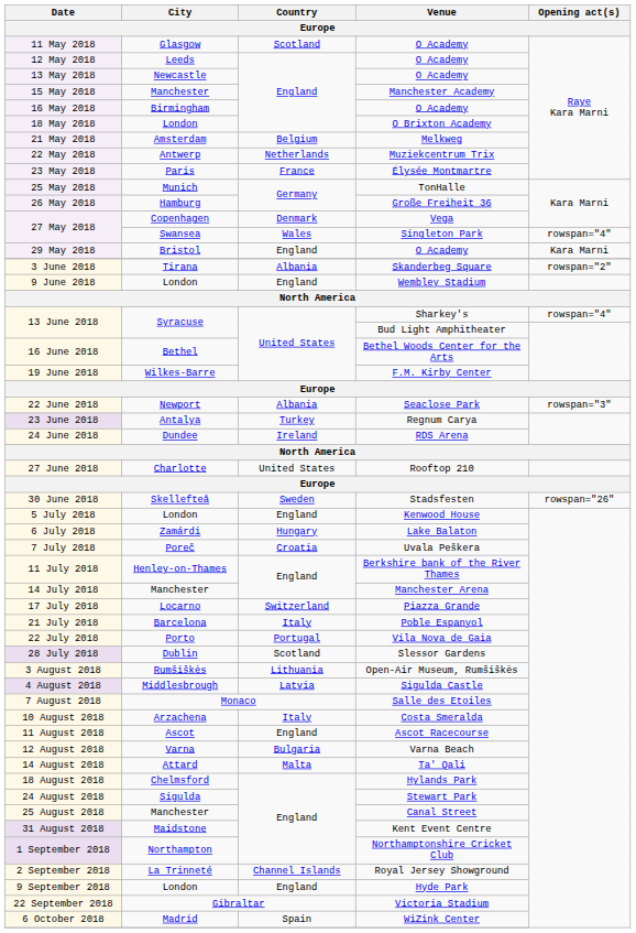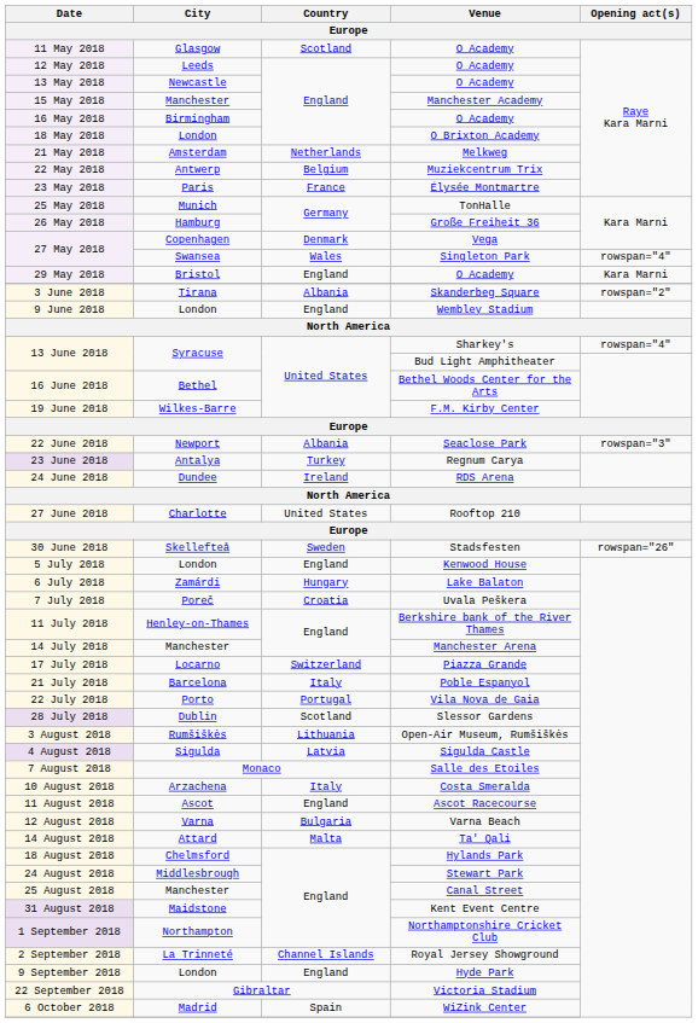 <table class="wikitable" style="text-align:center;">
 <tr>
 <th style="width:150px;">Date</th>
 <th style="width:150px;">City</th>
 <th style="width:150px;">Country</th>
 <th style="width:225px;">Venue</th>
 <th scope="col" style="width:10em;">Opening act(s)</th>
 </tr>
 <tr>
 <th scope="row" colspan="5">Europe</th>
 </tr>
 <tr>
 <td style="background-color:#f5eef8">11 May 2018</td>
 <td><a href='#'>Glasgow</a></td>
 <td><a href='#'>Scotland</a></td>
 <td><a href='#'>O Academy</a></td>
 <td rowspan="9"><a href='#'>Raye</a><br>Kara Marni</td>
 </tr>
 <tr>
 <td style="background-color:#f5eef8">12 May 2018</td>
 <td><a href='#'>Leeds</a></td>
 <td rowspan="5"><a href='#'>England</a></td>
 <td><a href='#'>O Academy</a></td>
 </tr>
 <tr>
 <td style="background-color:#f5eef8">13 May 2018</td>
 <td><a href='#'>Newcastle</a></td>
 <td><a href='#'>O Academy</a></td>
 </tr>
 <tr>
 <td style="background-color:#f5eef8">15 May 2018</td>
 <td><a href='#'>Manchester</a></td>
 <td><a href='#'>Manchester Academy</a></td>
 </tr>
 <tr>
 <td style="background-color:#f5eef8">16 May 2018</td>
 <td><a href='#'>Birmingham</a></td>
 <td><a href='#'>O Academy</a></td>
 </tr>
 <tr>
 <td style="background-color:#f5eef8">18 May 2018</td>
 <td><a href='#'>London</a></td>
 <td><a href='#'>O Brixton Academy</a></td>
 </tr>
 <tr>
 <td style="background-color:#f5eef8">21 May 2018</td>
 <td><a href='#'>Amsterdam</a></td>
-<td><a href='#'>Belgium</a></td>
+<td><a href='#'>Netherlands</a></td>
 <td><a href='#'>Melkweg</a></td>
 </tr>
 <tr>
 <td style="background-color:#f5eef8">22 May 2018</td>
 <td><a href='#'>Antwerp</a></td>
-<td><a href='#'>Netherlands</a></td>
+<td><a href='#'>Belgium</a></td>
 <td><a href='#'>Muziekcentrum Trix</a></td>
 </tr>
 <tr>
 <td style="background-color:#f5eef8">23 May 2018</td>
 <td><a href='#'>Paris</a></td>
 <td><a href='#'>France</a></td>
 <td><a href='#'>Élysée Montmartre</a></td>
 </tr>
 <tr>
 <td style="background-color:#f5eef8">25 May 2018</td>
 <td><a href='#'>Munich</a></td>
 <td rowspan="2"><a href='#'>Germany</a></td>
 <td>TonHalle</td>
 <td rowspan="3">Kara Marni</td>
 </tr>
 <tr>
 <td style="background-color:#f5eef8">26 May 2018</td>
 <td><a href='#'>Hamburg</a></td>
 <td><a href='#'>Große Freiheit 36</a></td>
 </tr>
 <tr>
 <td style="background-color:#f5eef8" rowspan="2">27 May 2018</td>
 <td><a href='#'>Copenhagen</a></td>
 <td><a href='#'>Denmark</a></td>
 <td><a href='#'>Vega</a></td>
 </tr>
 <tr>
 <td><a href='#'>Swansea</a></td>
 <td><a href='#'>Wales</a></td>
 <td><a href='#'>Singleton Park</a></td>
 <td>rowspan="4" </td>
 </tr>
 <tr>
 <td style="background-color:#f5eef8">29 May 2018</td>
 <td><a href='#'>Bristol</a></td>
 <td>England</td>
 <td><a href='#'>O Academy</a></td>
 <td>Kara Marni</td>
 </tr>
 <tr>
 </tr>
 <tr>
 <td style="background-color:#fef9e7">3 June 2018</td>
 <td><a href='#'>Tirana</a></td>
 <td><a href='#'>Albania</a></td>
 <td><a href='#'>Skanderbeg Square</a></td>
 <td>rowspan="2" </td>
 </tr>
 <tr>
 <td style="background-color:#fef9e7">9 June 2018</td>
 <td>London</td>
 <td>England</td>
 <td><a href='#'>Wembley Stadium</a></td>
 </tr>
 <tr>
 <th scope="row" colspan="5">North America</th>
 </tr>
 <tr>
 <td style="background-color:#fef9e7" rowspan="2">13 June 2018</td>
 <td rowspan="2"><a href='#'>Syracuse</a></td>
 <td rowspan="4"><a href='#'>United States</a></td>
 <td>Sharkey's</td>
 <td>rowspan="4" </td>
 </tr>
 <tr>
 <td>Bud Light Amphitheater</td>
 </tr>
 <tr>
 <td style="background-color:#fef9e7">16 June 2018</td>
 <td><a href='#'>Bethel</a></td>
 <td><a href='#'>Bethel Woods Center for the Arts</a></td>
 </tr>
 <tr>
 <td style="background-color:#fef9e7">19 June 2018</td>
 <td><a href='#'>Wilkes-Barre</a></td>
 <td><a href='#'>F.M. Kirby Center</a></td>
 </tr>
 <tr>
 <th scope="row" colspan="5">Europe</th>
 </tr>
 <tr>
 <td style="background-color:#fef9e7">22 June 2018</td>
 <td><a href='#'>Newport</a></td>
 <td><a href='#'>Albania</a></td>
 <td><a href='#'>Seaclose Park</a></td>
 <td>rowspan="3" </td>
 </tr>
 <tr>
 <td style="background-color:#ebdef0">23 June 2018</td>
 <td><a href='#'>Antalya</a></td>
 <td><a href='#'>Turkey</a></td>
 <td>Regnum Carya</td>
 </tr>
 <tr>
 <td style="background-color:#fef9e7">24 June 2018</td>
 <td><a href='#'>Dundee</a></td>
 <td><a href='#'>Ireland</a></td>
 <td><a href='#'>RDS Arena</a></td>
 </tr>
 <tr>
 <th scope="row" colspan="5">North America</th>
 </tr>
 <tr>
 <td style="background-color:#fef9e7">27 June 2018</td>
 <td><a href='#'>Charlotte</a></td>
 <td>United States</td>
 <td>Rooftop 210</td>
 <td></td>
 </tr>
 <tr>
 <th scope="row" colspan="5">Europe</th>
 </tr>
 <tr>
 <td style="background-color:#fef9e7">30 June 2018</td>
 <td><a href='#'>Skellefteå</a></td>
 <td><a href='#'>Sweden</a></td>
 <td>Stadsfesten</td>
 <td>rowspan="26" </td>
 </tr>
 <tr>
 <td style="background-color:#fef9e7">5 July 2018</td>
 <td>London</td>
 <td>England</td>
 <td><a href='#'>Kenwood House</a></td>
 </tr>
 <tr>
 <td style="background-color:#fef9e7">6 July 2018</td>
 <td><a href='#'>Zamárdi</a></td>
 <td><a href='#'>Hungary</a></td>
 <td><a href='#'>Lake Balaton</a></td>
 </tr>
 <tr>
 <td style="background-color:#fef9e7">7 July 2018</td>
 <td><a href='#'>Poreč</a></td>
 <td><a href='#'>Croatia</a></td>
 <td>Uvala Peškera</td>
 </tr>
 <tr>
 <td style="background-color:#fef9e7">11 July 2018</td>
 <td><a href='#'>Henley-on-Thames</a></td>
 <td rowspan="2">England</td>
 <td><a href='#'>Berkshire bank of the River Thames</a></td>
 </tr>
 <tr>
 <td style="background-color:#fef9e7">14 July 2018</td>
 <td>Manchester</td>
 <td><a href='#'>Manchester Arena</a></td>
 </tr>
 <tr>
 <td style="background-color:#fef9e7">17 July 2018</td>
 <td><a href='#'>Locarno</a></td>
 <td><a href='#'>Switzerland</a></td>
 <td><a href='#'>Piazza Grande</a></td>
 </tr>
 <tr>
 <td style="background-color:#fef9e7">21 July 2018</td>
 <td><a href='#'>Barcelona</a></td>
 <td><a href='#'>Italy</a></td>
 <td><a href='#'>Poble Espanyol</a></td>
 </tr>
 <tr>
 <td style="background-color:#fef9e7">22 July 2018</td>
 <td><a href='#'>Porto</a></td>
 <td><a href='#'>Portugal</a></td>
 <td><a href='#'>Vila Nova de Gaia</a></td>
 </tr>
 <tr>
 <td style="background-color:#ebdef0">28 July 2018</td>
 <td><a href='#'>Dublin</a></td>
 <td>Scotland</td>
 <td>Slessor Gardens</td>
 </tr>
 <tr>
 <td style="background-color:#fef9e7">3 August 2018</td>
 <td><a href='#'>Rumšiškės</a></td>
 <td><a href='#'>Lithuania</a></td>
 <td>Open-Air Museum, Rumšiškės</td>
 </tr>
 <tr>
 <td style="background-color:#ebdef0">4 August 2018</td>
-<td><a href='#'>Middlesbrough</a></td>
+<td><a href='#'>Sigulda</a></td>
 <td><a href='#'>Latvia</a></td>
 <td><a href='#'>Sigulda Castle</a></td>
 </tr>
 <tr>
 <td style="background-color:#fef9e7">7 August 2018</td>
 <td colspan="2"><a href='#'>Monaco</a></td>
 <td><a href='#'>Salle des Etoiles</a></td>
 </tr>
 <tr>
 <td style="background-color:#fef9e7">10 August 2018</td>
 <td><a href='#'>Arzachena</a></td>
 <td><a href='#'>Italy</a></td>
 <td><a href='#'>Costa Smeralda</a></td>
 </tr>
 <tr>
 <td style="background-color:#fef9e7">11 August 2018</td>
 <td><a href='#'>Ascot</a></td>
 <td>England</td>
 <td><a href='#'>Ascot Racecourse</a></td>
 </tr>
 <tr>
 <td style="background-color:#fef9e7">12 August 2018</td>
 <td><a href='#'>Varna</a></td>
 <td><a href='#'>Bulgaria</a></td>
 <td>Varna Beach</td>
 </tr>
 <tr>
 <td style="background-color:#fef9e7">14 August 2018</td>
 <td><a href='#'>Attard</a></td>
 <td><a href='#'>Malta</a></td>
 <td><a href='#'>Ta' Qali</a></td>
 </tr>
 <tr>
 <td style="background-color:#fef9e7">18 August 2018</td>
 <td><a href='#'>Chelmsford</a></td>
 <td rowspan="5">England</td>
 <td><a href='#'>Hylands Park</a></td>
 </tr>
 <tr>
 <td style="background-color:#fef9e7">24 August 2018</td>
-<td><a href='#'>Sigulda</a></td>
+<td><a href='#'>Middlesbrough</a></td>
 <td><a href='#'>Stewart Park</a></td>
 </tr>
 <tr>
 <td style="background-color:#fef9e7">25 August 2018</td>
 <td>Manchester</td>
 <td><a href='#'>Canal Street</a></td>
 </tr>
 <tr>
 <td style="background-color:#ebdef0">31 August 2018</td>
 <td><a href='#'>Maidstone</a></td>
 <td>Kent Event Centre</td>
 </tr>
 <tr>
 <td style="background-color:#ebdef0">1 September 2018</td>
 <td><a href='#'>Northampton</a></td>
 <td><a href='#'>Northamptonshire Cricket Club</a></td>
 </tr>
 <tr>
 <td style="background-color:#fef9e7">2 September 2018</td>
 <td><a href='#'>La Trinneté</a></td>
 <td><a href='#'>Channel Islands</a></td>
 <td>Royal Jersey Showground</td>
 </tr>
 <tr>
 <td style="background-color:#fef9e7">9 September 2018</td>
 <td>London</td>
 <td>England</td>
 <td><a href='#'>Hyde Park</a></td>
 </tr>
 <tr>
 <td style="background-color:#fef9e7">22 September 2018</td>
 <td colspan="2"><a href='#'>Gibraltar</a></td>
 <td><a href='#'>Victoria Stadium</a></td>
 </tr>
 <tr>
 <td style="background-color:#fef9e7">6 October 2018</td>
 <td><a href='#'>Madrid</a></td>
 <td>Spain</td>
 <td><a href='#'>WiZink Center</a></td>
 </tr>
 <tr>
 </tr>
 </table>
